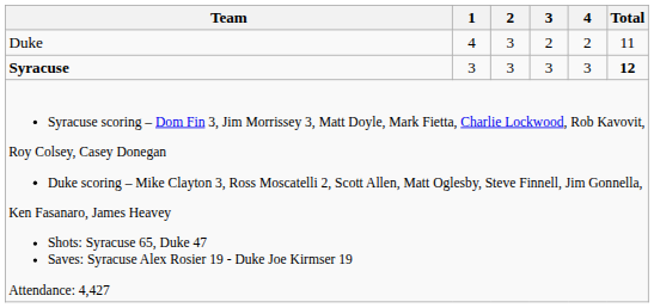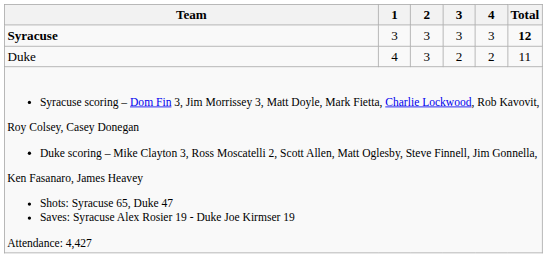 <table class="wikitable" style="text-align:center; max-width:45em">
 <tr>
 <th>Team</th>
 <th style="width:2em">1</th>
 <th style="width:2em">2</th>
 <th style="width:2em">3</th>
 <th style="width:2em">4</th>
 <th style="width:2em">Total</th>
 </tr>
 <tr>
+<td style="text-align:left"><strong>Syracuse</strong></td>
+<td>3</td>
+<td>3</td>
+<td>3</td>
+<td>3</td>
+<td><strong>12</strong></td>
+</tr>
+<tr>
 <td style="text-align:left">Duke</td>
 <td>4</td>
 <td>3</td>
 <td>2</td>
 <td>2</td>
 <td>11</td>
 </tr>
 <tr>
-<td style="text-align:left"><strong>Syracuse</strong></td>
-<td>3</td>
-<td>3</td>
-<td>3</td>
-<td>3</td>
-<td><strong>12</strong></td>
-</tr>
-<tr>
 <td colspan=6 style="text-align:left; font-size:88%;"><br><ul><li>Syracuse scoring – <a href='#'>Dom Fin</a> 3, Jim Morrissey 3, Matt Doyle, Mark Fietta, <a href='#'>Charlie Lockwood</a>, Rob Kavovit,</li></ul>Roy Colsey, Casey Donegan<ul><li>Duke scoring – Mike Clayton 3, Ross Moscatelli 2, Scott Allen, Matt Oglesby, Steve Finnell, Jim Gonnella,</li></ul>Ken Fasanaro, James Heavey<ul><li>Shots: Syracuse 65, Duke 47</li><li>Saves: Syracuse Alex Rosier 19 - Duke Joe Kirmser 19</li></ul>Attendance: 4,427 </td>
 </tr>
 </table>
